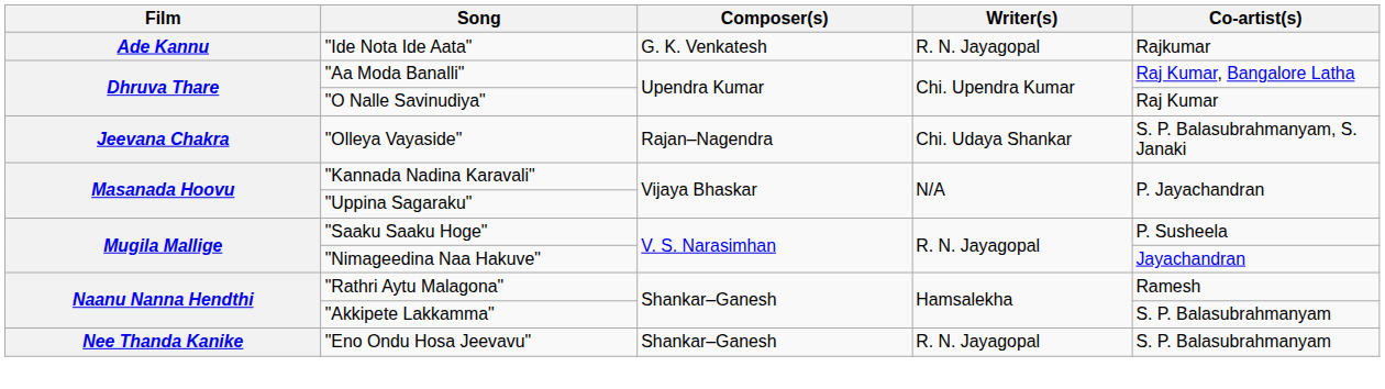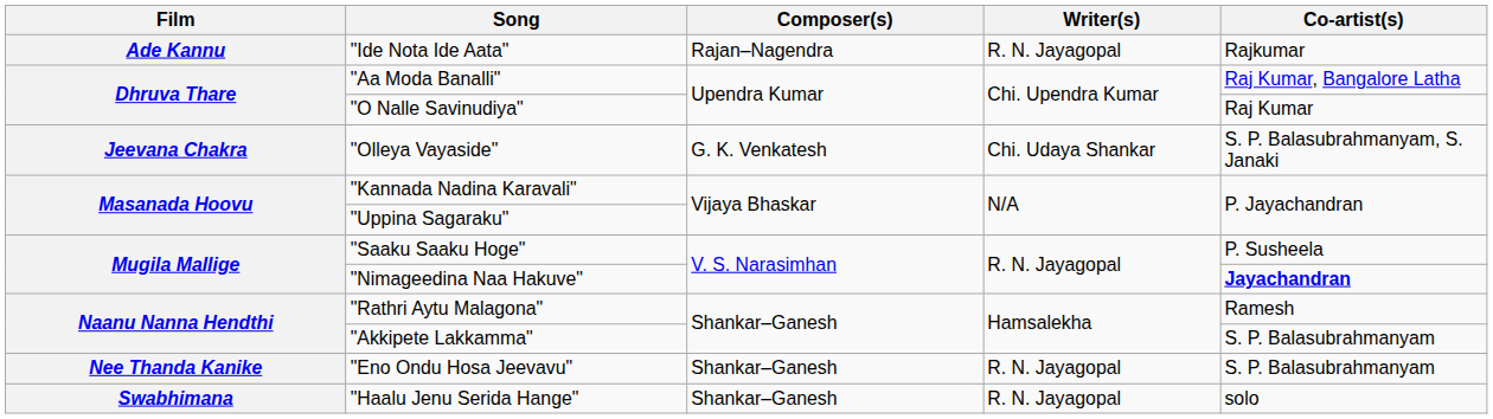 <table class="wikitable plainrowheaders" width="100%" textcolor:#000;">
 <tr style="background:#b0e0e66;">
 <th scope="col" width=23%><strong>Film</strong></th>
 <th scope="col" width=23%><strong>Song</strong></th>
 <th scope="col" width=20%><strong>Composer(s)</strong></th>
 <th scope="col" width=16%><strong>Writer(s)</strong></th>
 <th scope="col" width=18%><strong>Co-artist(s)</strong></th>
 </tr>
 <tr>
 <th><em><a href='#'>Ade Kannu</a></em></th>
 <td>"Ide Nota Ide Aata"</td>
-<td>G. K. Venkatesh</td>
+<td>Rajan–Nagendra</td>
 <td>R. N. Jayagopal</td>
 <td>Rajkumar</td>
 </tr>
 <tr>
 <th Rowspan=2><em><a href='#'>Dhruva Thare</a></em></th>
 <td>"Aa Moda Banalli"</td>
 <td rowspan=2>Upendra Kumar</td>
 <td rowspan=2>Chi. Upendra Kumar</td>
 <td><a href='#'>Raj Kumar</a>, <a href='#'>Bangalore Latha</a></td>
 </tr>
 <tr>
 <td>"O Nalle Savinudiya"</td>
 <td>Raj Kumar</td>
 </tr>
 <tr>
 <th Rowspan=1><em><a href='#'>Jeevana Chakra</a></em></th>
 <td>"Olleya Vayaside"</td>
-<td>Rajan–Nagendra</td>
+<td>G. K. Venkatesh</td>
 <td>Chi. Udaya Shankar</td>
 <td>S. P. Balasubrahmanyam, S. Janaki</td>
 </tr>
 <tr>
 <th Rowspan=2><em><a href='#'>Masanada Hoovu</a></em></th>
 <td>"Kannada Nadina Karavali"</td>
 <td rowspan=2>Vijaya Bhaskar</td>
 <td Rowspan=2>N/A</td>
 <td rowspan=2>P. Jayachandran</td>
 </tr>
 <tr>
 <td>"Uppina Sagaraku"</td>
 </tr>
 <tr>
 <th Rowspan=2><em><a href='#'>Mugila Mallige</a></em></th>
 <td>"Saaku Saaku Hoge"</td>
 <td rowspan=2><a href='#'>V. S. Narasimhan</a></td>
 <td Rowspan=2>R. N. Jayagopal</td>
 <td>P. Susheela</td>
 </tr>
 <tr>
 <td>"Nimageedina Naa Hakuve"</td>
-<td><a href='#'>Jayachandran</a></td>
+<td><strong><a href='#'>Jayachandran</a></strong></td>
 </tr>
 <tr>
 <th Rowspan=2><em><a href='#'>Naanu Nanna Hendthi</a></em></th>
 <td>"Rathri Aytu Malagona"</td>
 <td rowspan=2>Shankar–Ganesh</td>
 <td rowspan=2>Hamsalekha</td>
 <td>Ramesh</td>
 </tr>
 <tr>
 <td>"Akkipete Lakkamma"</td>
 <td>S. P. Balasubrahmanyam</td>
 </tr>
 <tr>
 <th Rowspan=><em><a href='#'>Nee Thanda Kanike</a></em></th>
 <td>"Eno Ondu Hosa Jeevavu"</td>
 <td>Shankar–Ganesh</td>
 <td>R. N. Jayagopal</td>
 <td>S. P. Balasubrahmanyam</td>
 </tr>
+<tr>
+<th><em><a href='#'>Swabhimana</a></em></th>
+<td>"Haalu Jenu Serida Hange"</td>
+<td>Shankar–Ganesh</td>
+<td>R. N. Jayagopal</td>
+<td>solo</td>
+</tr>
 </table>
